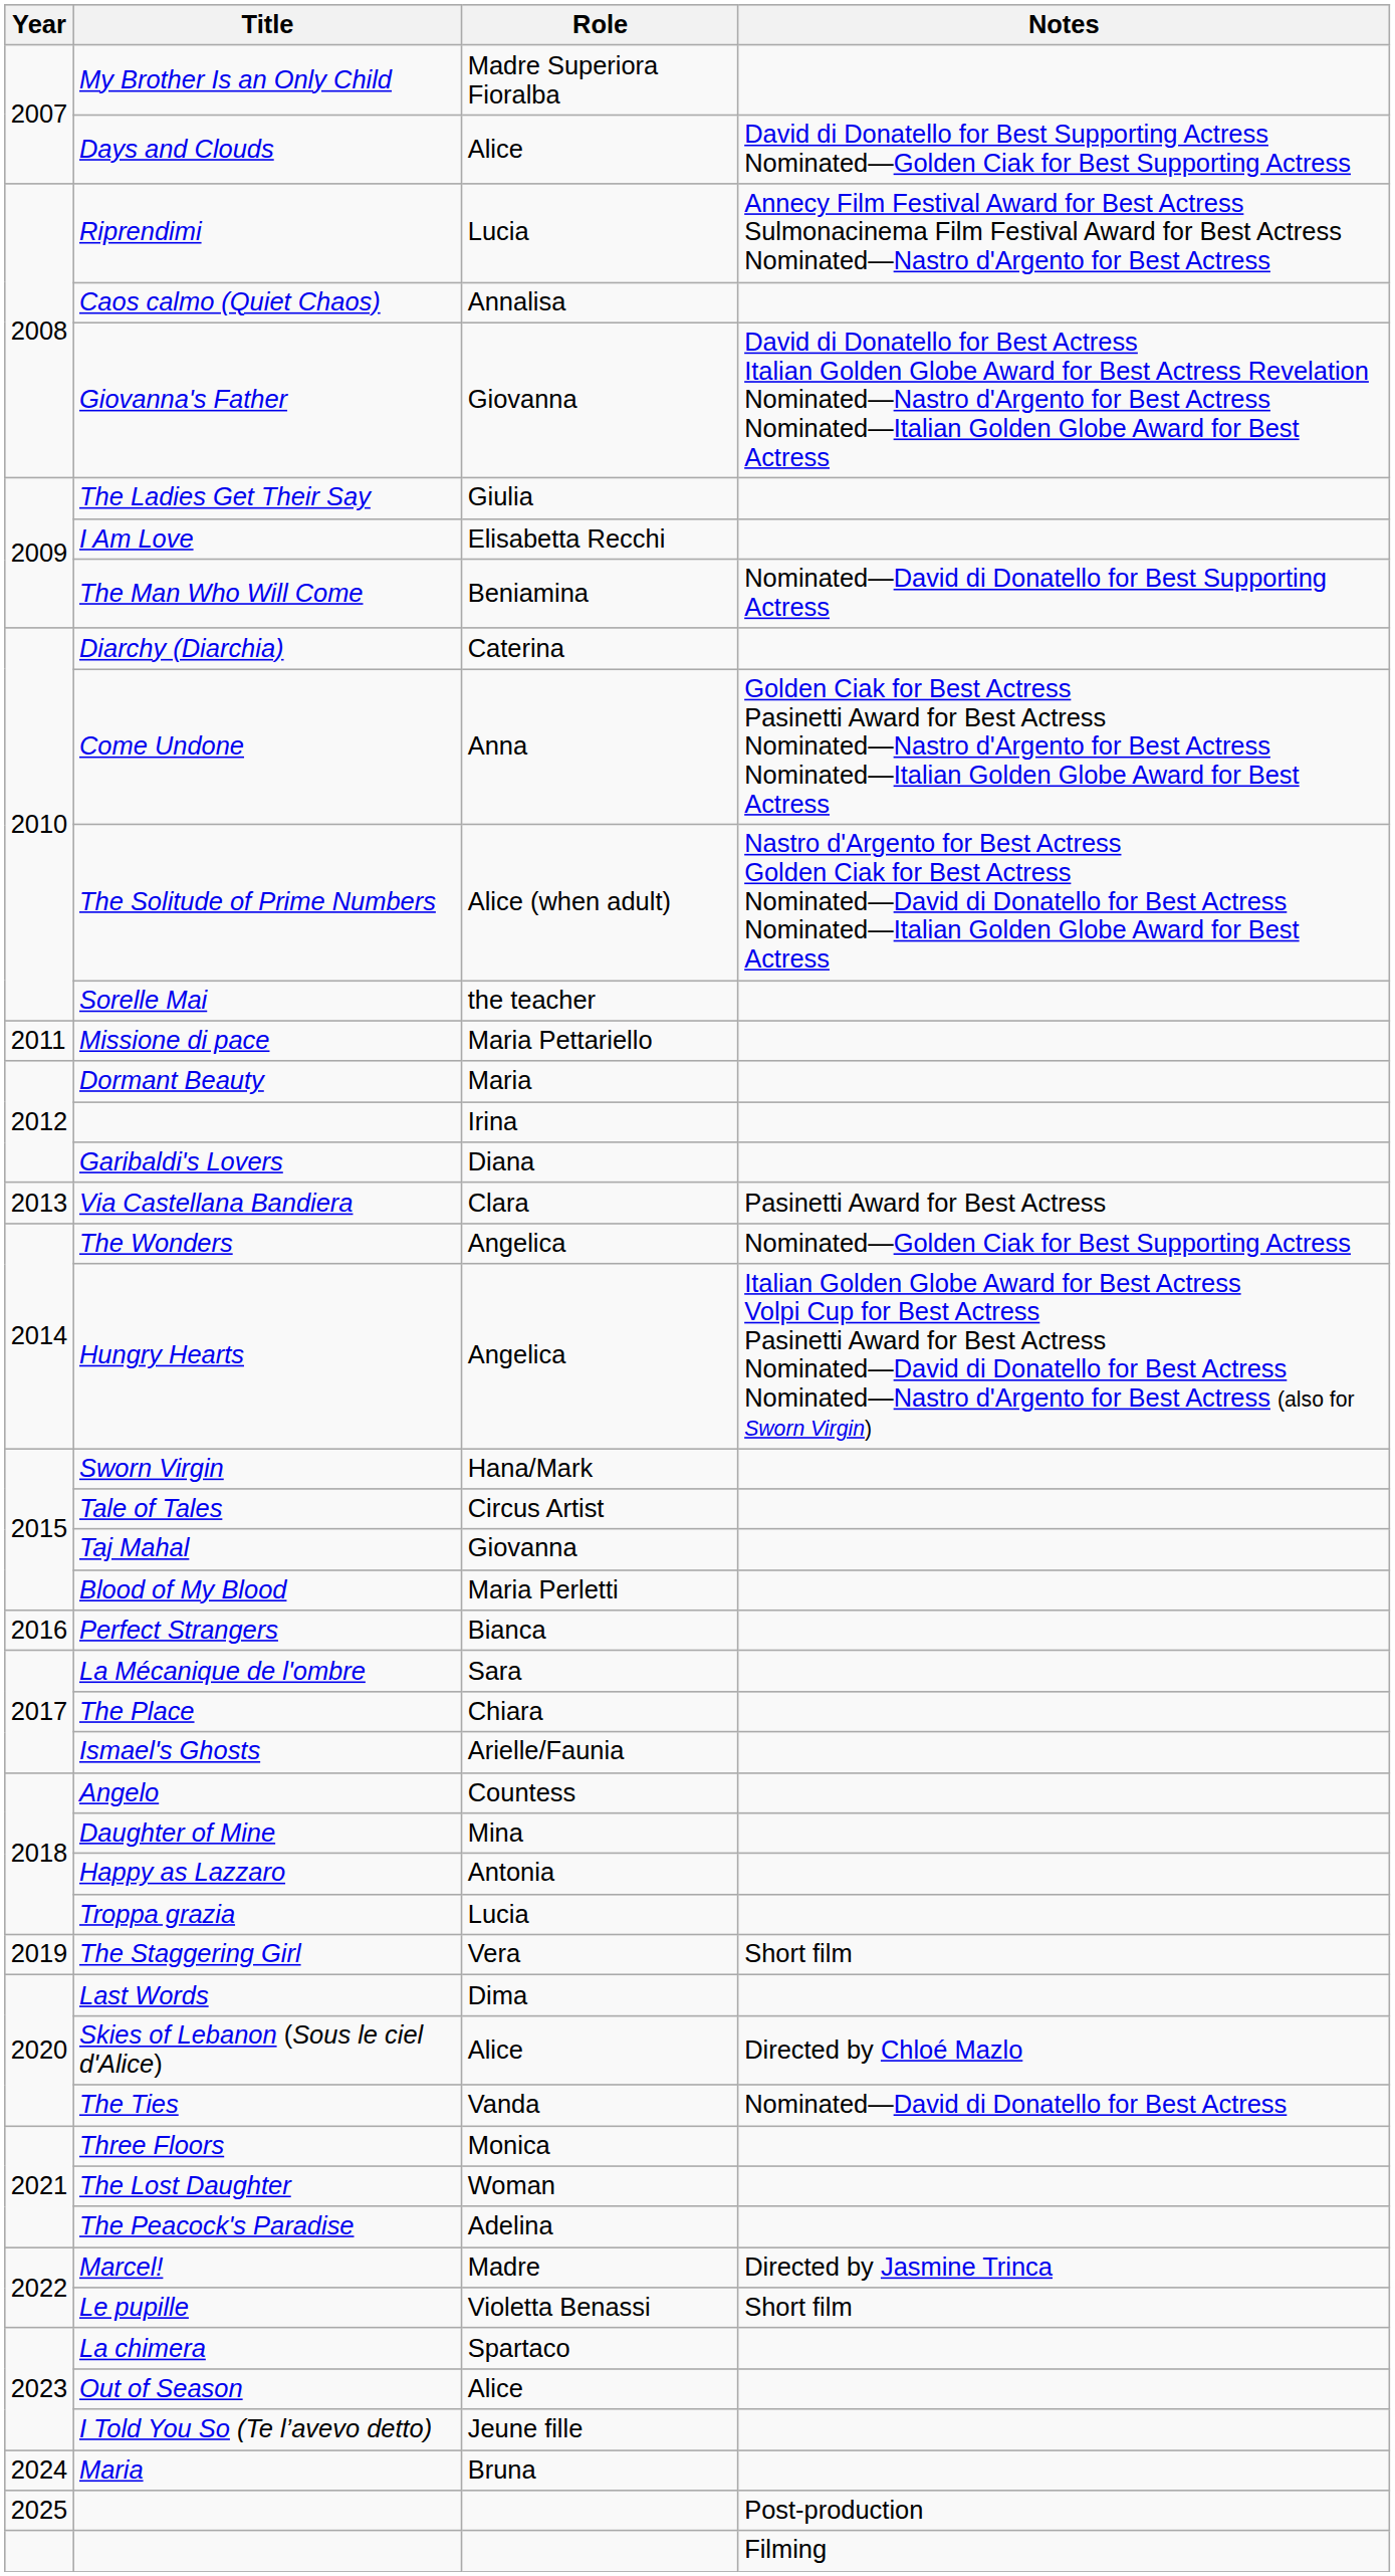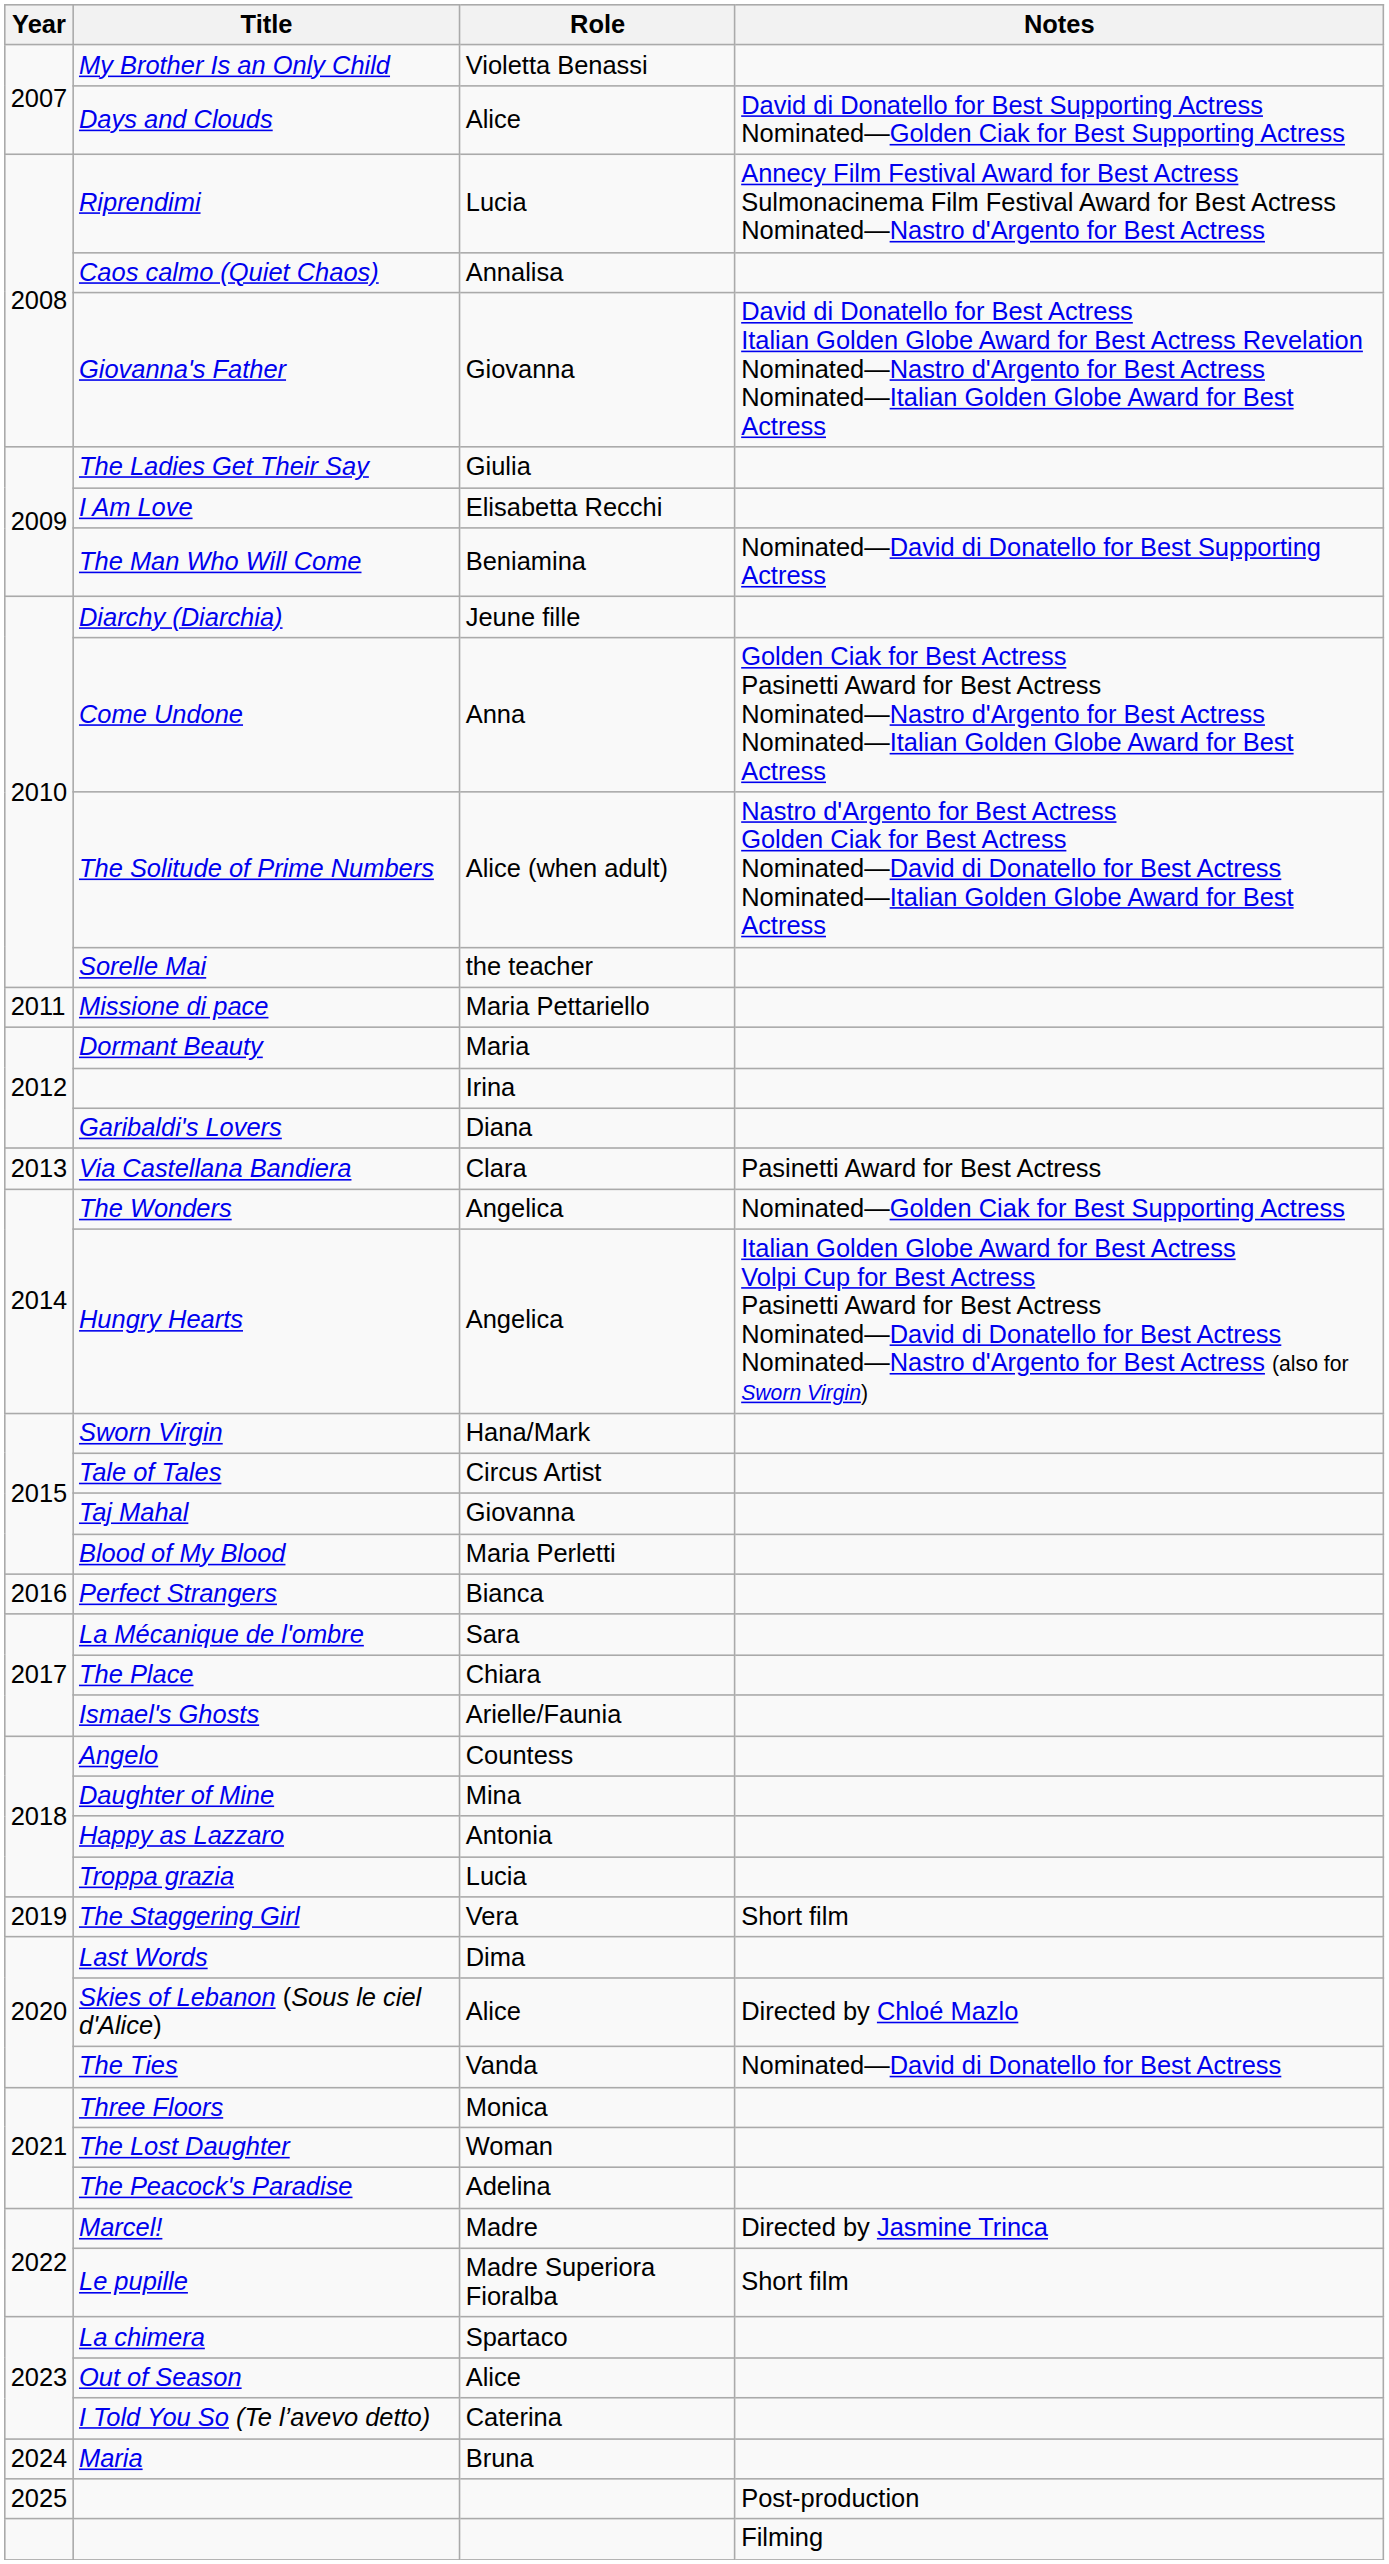 <table class="wikitable sortable">
 <tr>
 <th>Year</th>
 <th>Title</th>
 <th>Role</th>
 <th class="unsortable">Notes</th>
 </tr>
 <tr>
 <td rowspan="2">2007</td>
 <td><em><a href='#'>My Brother Is an Only Child</a></em></td>
-<td>Madre Superiora Fioralba</td>
+<td>Violetta Benassi</td>
 <td></td>
 </tr>
 <tr>
 <td><em><a href='#'>Days and Clouds</a></em></td>
 <td>Alice</td>
 <td><a href='#'>David di Donatello for Best Supporting Actress</a><br>Nominated—<a href='#'>Golden Ciak for Best Supporting Actress</a></td>
 </tr>
 <tr>
 <td rowspan="3">2008</td>
 <td><em><a href='#'>Riprendimi</a></em></td>
 <td>Lucia</td>
 <td><a href='#'>Annecy Film Festival Award for Best Actress</a><br>Sulmonacinema Film Festival Award for Best Actress<br>Nominated—<a href='#'>Nastro d'Argento for Best Actress</a></td>
 </tr>
 <tr>
 <td><em><a href='#'>Caos calmo (Quiet Chaos)</a></em></td>
 <td>Annalisa</td>
 <td></td>
 </tr>
 <tr>
 <td><em><a href='#'>Giovanna's Father</a></em></td>
 <td>Giovanna</td>
 <td><a href='#'>David di Donatello for Best Actress</a><br><a href='#'>Italian Golden Globe Award for Best Actress Revelation</a><br>Nominated—<a href='#'>Nastro d'Argento for Best Actress</a><br>Nominated—<a href='#'>Italian Golden Globe Award for Best Actress</a></td>
 </tr>
 <tr>
 <td rowspan="3">2009</td>
 <td><em><a href='#'>The Ladies Get Their Say</a></em></td>
 <td>Giulia</td>
 <td></td>
 </tr>
 <tr>
 <td><em><a href='#'>I Am Love</a></em></td>
 <td>Elisabetta Recchi</td>
 <td></td>
 </tr>
 <tr>
 <td><em><a href='#'>The Man Who Will Come</a></em></td>
 <td>Beniamina</td>
 <td>Nominated—<a href='#'>David di Donatello for Best Supporting Actress</a></td>
 </tr>
 <tr>
 <td rowspan="4">2010</td>
 <td><em><a href='#'>Diarchy (Diarchia)</a></em></td>
-<td>Caterina</td>
+<td>Jeune fille</td>
 <td></td>
 </tr>
 <tr>
 <td><em><a href='#'>Come Undone</a></em></td>
 <td>Anna</td>
 <td><a href='#'>Golden Ciak for Best Actress</a><br>Pasinetti Award for Best Actress<br>Nominated—<a href='#'>Nastro d'Argento for Best Actress</a><br>Nominated—<a href='#'>Italian Golden Globe Award for Best Actress</a></td>
 </tr>
 <tr>
 <td><em><a href='#'>The Solitude of Prime Numbers</a></em></td>
 <td>Alice (when adult)</td>
 <td><a href='#'>Nastro d'Argento for Best Actress</a><br><a href='#'>Golden Ciak for Best Actress</a><br>Nominated—<a href='#'>David di Donatello for Best Actress</a><br>Nominated—<a href='#'>Italian Golden Globe Award for Best Actress</a></td>
 </tr>
 <tr>
 <td><em><a href='#'>Sorelle Mai</a></em></td>
 <td>the teacher</td>
 <td></td>
 </tr>
 <tr>
 <td>2011</td>
 <td><em><a href='#'>Missione di pace</a></em></td>
 <td>Maria Pettariello</td>
 <td></td>
 </tr>
 <tr>
 <td rowspan="3">2012</td>
 <td><em><a href='#'>Dormant Beauty</a></em></td>
 <td>Maria</td>
 <td></td>
 </tr>
 <tr>
 <td><em></em></td>
 <td>Irina</td>
 <td></td>
 </tr>
 <tr>
 <td><em><a href='#'>Garibaldi's Lovers</a></em></td>
 <td>Diana</td>
 <td></td>
 </tr>
 <tr>
 <td>2013</td>
 <td><em><a href='#'>Via Castellana Bandiera</a></em></td>
 <td>Clara</td>
 <td>Pasinetti Award for Best Actress</td>
 </tr>
 <tr>
 <td rowspan="2">2014</td>
 <td><em><a href='#'>The Wonders</a></em></td>
 <td>Angelica</td>
 <td>Nominated—<a href='#'>Golden Ciak for Best Supporting Actress</a></td>
 </tr>
 <tr>
 <td><em><a href='#'>Hungry Hearts</a></em></td>
 <td>Angelica</td>
 <td><a href='#'>Italian Golden Globe Award for Best Actress</a><br><a href='#'>Volpi Cup for Best Actress</a><br>Pasinetti Award for Best Actress<br>Nominated—<a href='#'>David di Donatello for Best Actress</a><br>Nominated—<a href='#'>Nastro d'Argento for Best Actress</a> <small>(also for <em><a href='#'>Sworn Virgin</a></em>)</small></td>
 </tr>
 <tr>
 <td rowspan="4">2015</td>
 <td><em><a href='#'>Sworn Virgin</a></em></td>
 <td>Hana/Mark</td>
 <td></td>
 </tr>
 <tr>
 <td><em><a href='#'>Tale of Tales</a></em></td>
 <td>Circus Artist</td>
 <td></td>
 </tr>
 <tr>
 <td><em><a href='#'>Taj Mahal</a></em></td>
 <td>Giovanna</td>
 <td></td>
 </tr>
 <tr>
 <td><em><a href='#'>Blood of My Blood</a></em></td>
 <td>Maria Perletti</td>
 <td></td>
 </tr>
 <tr>
 <td>2016</td>
 <td><em><a href='#'>Perfect Strangers</a></em></td>
 <td>Bianca</td>
 <td></td>
 </tr>
 <tr>
 <td rowspan="3">2017</td>
 <td><em><a href='#'>La Mécanique de l'ombre</a></em></td>
 <td>Sara</td>
 <td></td>
 </tr>
 <tr>
 <td><em><a href='#'>The Place</a></em></td>
 <td>Chiara</td>
 <td></td>
 </tr>
 <tr>
 <td><em><a href='#'>Ismael's Ghosts</a></em></td>
 <td>Arielle/Faunia</td>
 <td></td>
 </tr>
 <tr>
 <td rowspan="4">2018</td>
 <td><em><a href='#'>Angelo</a></em></td>
 <td>Countess</td>
 <td></td>
 </tr>
 <tr>
 <td><em><a href='#'>Daughter of Mine</a></em></td>
 <td>Mina</td>
 <td></td>
 </tr>
 <tr>
 <td><em><a href='#'>Happy as Lazzaro</a></em></td>
 <td>Antonia</td>
 <td></td>
 </tr>
 <tr>
 <td><em><a href='#'>Troppa grazia</a></em></td>
 <td>Lucia</td>
 <td></td>
 </tr>
 <tr>
 <td>2019</td>
 <td><em><a href='#'>The Staggering Girl</a></em></td>
 <td>Vera</td>
 <td>Short film</td>
 </tr>
 <tr>
 <td rowspan="3">2020</td>
 <td><em><a href='#'>Last Words</a></em></td>
 <td>Dima</td>
 <td></td>
 </tr>
 <tr>
 <td><em><a href='#'>Skies of Lebanon</a></em> (<em>Sous le ciel d'Alice</em>)</td>
 <td>Alice</td>
 <td>Directed by <a href='#'>Chloé Mazlo</a></td>
 </tr>
 <tr>
 <td><em><a href='#'>The Ties</a></em></td>
 <td>Vanda</td>
 <td>Nominated—<a href='#'>David di Donatello for Best Actress</a></td>
 </tr>
 <tr>
 <td rowspan="3">2021</td>
 <td><em><a href='#'>Three Floors</a></em></td>
 <td>Monica</td>
 <td></td>
 </tr>
 <tr>
 <td><em><a href='#'>The Lost Daughter</a></em></td>
 <td>Woman</td>
 <td></td>
 </tr>
 <tr>
 <td><em><a href='#'>The Peacock's Paradise</a></em></td>
 <td>Adelina</td>
 <td></td>
 </tr>
 <tr>
 <td rowspan="2">2022</td>
 <td><em><a href='#'>Marcel!</a></em></td>
 <td>Madre</td>
 <td>Directed by <a href='#'>Jasmine Trinca</a></td>
 </tr>
 <tr>
 <td><em><a href='#'>Le pupille</a></em></td>
-<td>Violetta Benassi</td>
+<td>Madre Superiora Fioralba</td>
 <td>Short film</td>
 </tr>
 <tr>
 <td rowspan="3">2023</td>
 <td><em><a href='#'>La chimera</a></em></td>
 <td>Spartaco</td>
 <td></td>
 </tr>
 <tr>
 <td><em><a href='#'>Out of Season</a></em></td>
 <td>Alice</td>
 <td></td>
 </tr>
 <tr>
 <td><em><a href='#'>I Told You So</a> (Te l’avevo detto)</em></td>
-<td>Jeune fille</td>
+<td>Caterina</td>
 <td></td>
 </tr>
 <tr>
 <td>2024</td>
 <td><em><a href='#'>Maria</a></em></td>
 <td>Bruna</td>
 <td></td>
 </tr>
 <tr>
 <td>2025</td>
 <td></td>
 <td></td>
 <td>Post-production</td>
 </tr>
 <tr>
 <td></td>
 <td></td>
 <td></td>
 <td>Filming</td>
 </tr>
 </table>
